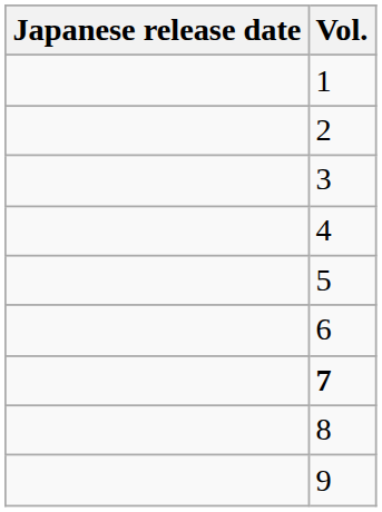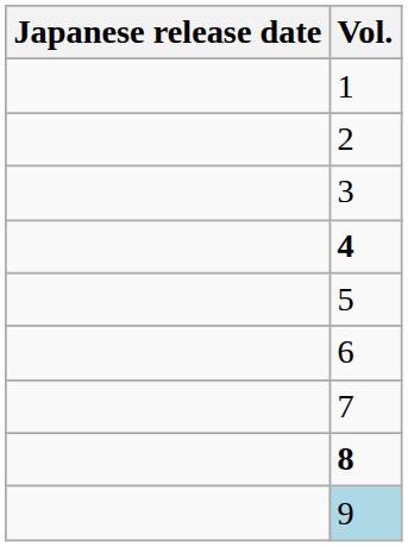 <table class="wikitable">
 <tr>
 <th>Japanese release date</th>
 <th>Vol.</th>
 </tr>
 <tr>
 <td></td>
 <td>1</td>
 </tr>
 <tr>
 <td></td>
 <td>2</td>
 </tr>
 <tr>
 <td></td>
 <td>3</td>
 </tr>
 <tr>
 <td></td>
-<td>4</td>
+<td><strong>4</strong></td>
 </tr>
 <tr>
 <td></td>
 <td>5</td>
 </tr>
 <tr>
 <td></td>
 <td>6</td>
 </tr>
 <tr>
 <td></td>
-<td><strong>7</strong></td>
+<td>7</td>
 </tr>
 <tr>
 <td></td>
-<td>8</td>
+<td><strong>8</strong></td>
 </tr>
 <tr>
 <td></td>
-<td>9</td>
+<td style="background: lightblue;">9</td>
 </tr>
 </table>
